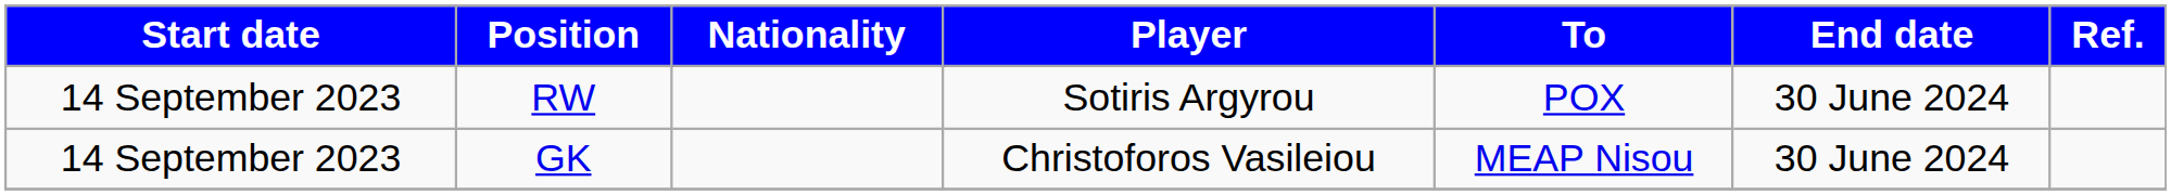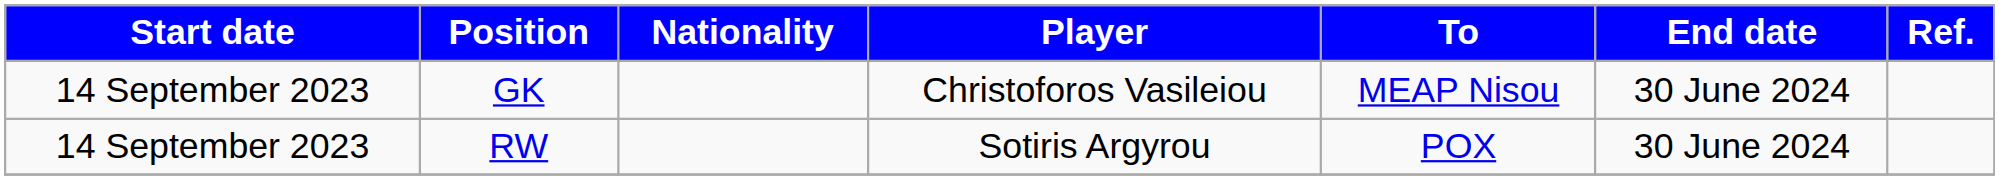 <table class="wikitable" style="text-align:center; font-size:100%; width:101%;">
 <tr>
 <th style="background:#0000FF; color:#FFFFFF; ">Start date</th>
 <th style="background:#0000FF; color:#FFFFFF; ">Position</th>
 <th style="background:#0000FF; color:#FFFFFF; ">Nationality</th>
 <th style="background:#0000FF; color:#FFFFFF; ">Player</th>
 <th style="background:#0000FF; color:#FFFFFF; ">To</th>
 <th style="background:#0000FF; color:#FFFFFF; ">End date</th>
 <th style="background:#0000FF; color:#FFFFFF; ">Ref.</th>
 </tr>
 <tr>
 <td>14 September 2023</td>
+<td><a href='#'>GK</a></td>
+<td></td>
+<td>Christoforos Vasileiou</td>
+<td><a href='#'>MEAP Nisou</a></td>
+<td>30 June 2024</td>
+<td></td>
+</tr>
+<tr>
+<td>14 September 2023</td>
 <td><a href='#'>RW</a></td>
 <td></td>
 <td>Sotiris Argyrou</td>
 <td><a href='#'>POX</a></td>
 <td>30 June 2024</td>
 <td></td>
 </tr>
 <tr>
-<td>14 September 2023</td>
-<td><a href='#'>GK</a></td>
-<td></td>
-<td>Christoforos Vasileiou</td>
-<td><a href='#'>MEAP Nisou</a></td>
-<td>30 June 2024</td>
-<td></td>
-</tr>
-<tr>
 </tr>
 </table>
